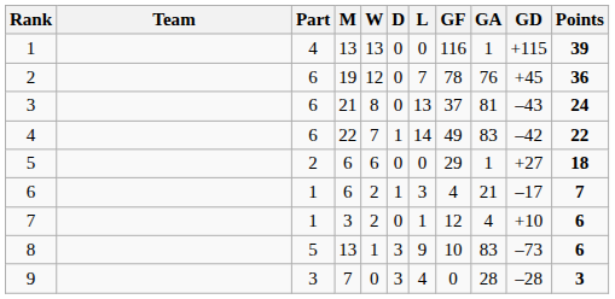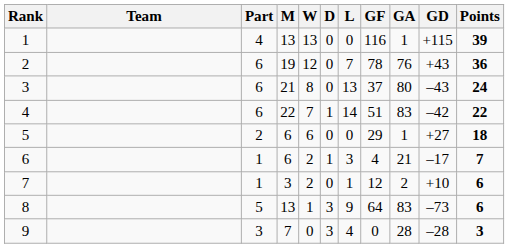 <table class="wikitable sortable" style="text-align:center">
 <tr>
 <th>Rank</th>
 <th width=200>Team</th>
 <th>Part</th>
 <th>M</th>
 <th>W</th>
 <th>D</th>
 <th>L</th>
 <th>GF</th>
 <th>GA</th>
 <th>GD</th>
 <th>Points</th>
 </tr>
 <tr>
 <td>1</td>
 <td align=left></td>
 <td>4</td>
 <td>13</td>
 <td>13</td>
 <td>0</td>
 <td>0</td>
 <td>116</td>
 <td>1</td>
 <td>+115</td>
 <td><strong>39</strong></td>
 </tr>
 <tr>
 <td>2</td>
 <td align=left></td>
 <td>6</td>
 <td>19</td>
 <td>12</td>
 <td>0</td>
 <td>7</td>
 <td>78</td>
 <td>76</td>
-<td>+45</td>
+<td>+43</td>
 <td><strong>36</strong></td>
 </tr>
 <tr>
 <td>3</td>
 <td align=left></td>
 <td>6</td>
 <td>21</td>
 <td>8</td>
 <td>0</td>
 <td>13</td>
 <td>37</td>
-<td>81</td>
+<td>80</td>
 <td>–43</td>
 <td><strong>24</strong></td>
 </tr>
 <tr>
 <td>4</td>
 <td align=left></td>
 <td>6</td>
 <td>22</td>
 <td>7</td>
 <td>1</td>
 <td>14</td>
-<td>49</td>
+<td>51</td>
 <td>83</td>
 <td>–42</td>
 <td><strong>22</strong></td>
 </tr>
 <tr>
 <td>5</td>
 <td align=left></td>
 <td>2</td>
 <td>6</td>
 <td>6</td>
 <td>0</td>
 <td>0</td>
 <td>29</td>
 <td>1</td>
 <td>+27</td>
 <td><strong>18</strong></td>
 </tr>
 <tr>
 <td>6</td>
 <td align=left></td>
 <td>1</td>
 <td>6</td>
 <td>2</td>
 <td>1</td>
 <td>3</td>
 <td>4</td>
 <td>21</td>
 <td>–17</td>
 <td><strong>7</strong></td>
 </tr>
 <tr>
 <td>7</td>
 <td align=left></td>
 <td>1</td>
 <td>3</td>
 <td>2</td>
 <td>0</td>
 <td>1</td>
 <td>12</td>
-<td>4</td>
+<td>2</td>
 <td>+10</td>
 <td><strong>6</strong></td>
 </tr>
 <tr>
 <td>8</td>
 <td align=left></td>
 <td>5</td>
 <td>13</td>
 <td>1</td>
 <td>3</td>
 <td>9</td>
-<td>10</td>
+<td>64</td>
 <td>83</td>
 <td>–73</td>
 <td><strong>6</strong></td>
 </tr>
 <tr>
 <td>9</td>
 <td align=left></td>
 <td>3</td>
 <td>7</td>
 <td>0</td>
 <td>3</td>
 <td>4</td>
 <td>0</td>
 <td>28</td>
 <td>–28</td>
 <td><strong>3</strong></td>
 </tr>
 </table>
